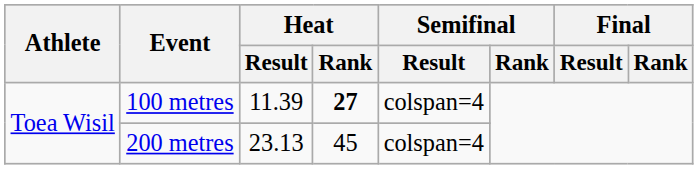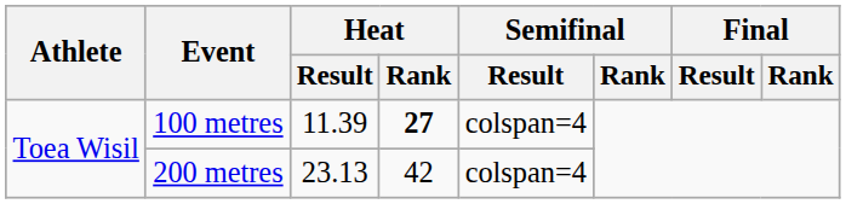 <table class=wikitable style=font-size:90%>
 <tr>
 <th rowspan=2>Athlete</th>
 <th rowspan=2>Event</th>
 <th colspan=2>Heat</th>
 <th colspan=2>Semifinal</th>
 <th colspan=2>Final</th>
 </tr>
 <tr style=font-size:95%>
 <th>Result</th>
 <th>Rank</th>
 <th>Result</th>
 <th>Rank</th>
 <th>Result</th>
 <th>Rank</th>
 </tr>
 <tr align=center>
 <td align=left rowspan=2><a href='#'>Toea Wisil</a></td>
 <td align=left><a href='#'>100 metres</a></td>
 <td>11.39</td>
 <td><strong>27</strong></td>
 <td>colspan=4 </td>
 </tr>
 <tr align=center>
 <td align=left><a href='#'>200 metres</a></td>
 <td>23.13</td>
-<td>45</td>
+<td>42</td>
 <td>colspan=4 </td>
 </tr>
 </table>
